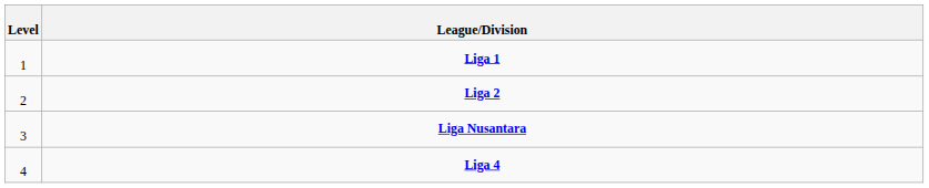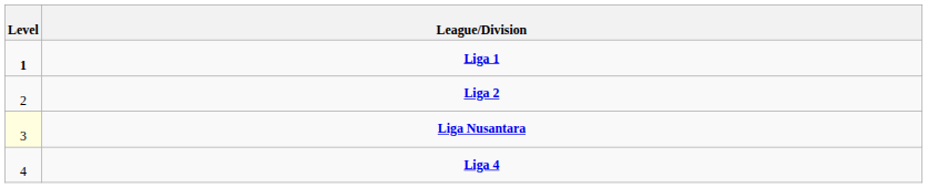 <table class="wikitable" style="text-align: center;">
 <tr>
 <th colspan="1" width="4%"><br>Level</th>
 <th colspan="18" width="96%"><br>League/Division</th>
 </tr>
 <tr>
-<td colspan="1" width="4%"><br>1</td>
+<td colspan="1" width="4%"><strong><br>1</strong></td>
 <td colspan="18" width="96%"><strong><a href='#'>Liga 1</a></strong></td>
 </tr>
 <tr>
 <td colspan="1" width="4%"><br>2</td>
 <td colspan="18" width="96%"><strong><a href='#'>Liga 2</a></strong></td>
 </tr>
 <tr>
-<td colspan="1" width="4%"><br>3</td>
+<td colspan="1" width="4%" style="background: lightyellow;"><br>3</td>
 <td colspan="18" width="96%"><strong><a href='#'>Liga Nusantara</a></strong></td>
 </tr>
 <tr>
 <td colspan="1" width="4%"><br>4</td>
 <td colspan="18" width="96%"><strong><a href='#'>Liga 4</a></strong></td>
 </tr>
 </table>
